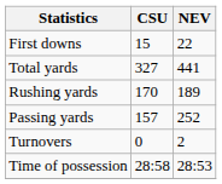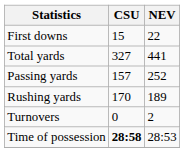 <table class="wikitable" style="float: left;">
 <tr>
 <th>Statistics</th>
 <th>CSU</th>
 <th>NEV</th>
 </tr>
 <tr>
 <td>First downs</td>
 <td>15</td>
 <td>22</td>
 </tr>
 <tr>
 <td>Total yards</td>
 <td>327</td>
 <td>441</td>
 </tr>
 <tr>
+<td>Passing yards</td>
+<td>157</td>
+<td>252</td>
+</tr>
+<tr>
 <td>Rushing yards</td>
 <td>170</td>
 <td>189</td>
-</tr>
-<tr>
-<td>Passing yards</td>
-<td>157</td>
-<td>252</td>
 </tr>
 <tr>
 <td>Turnovers</td>
 <td>0</td>
 <td>2</td>
 </tr>
 <tr>
 <td>Time of possession</td>
-<td>28:58</td>
+<td><strong>28:58</strong></td>
 <td>28:53</td>
 </tr>
 <tr>
 </tr>
 </table>
